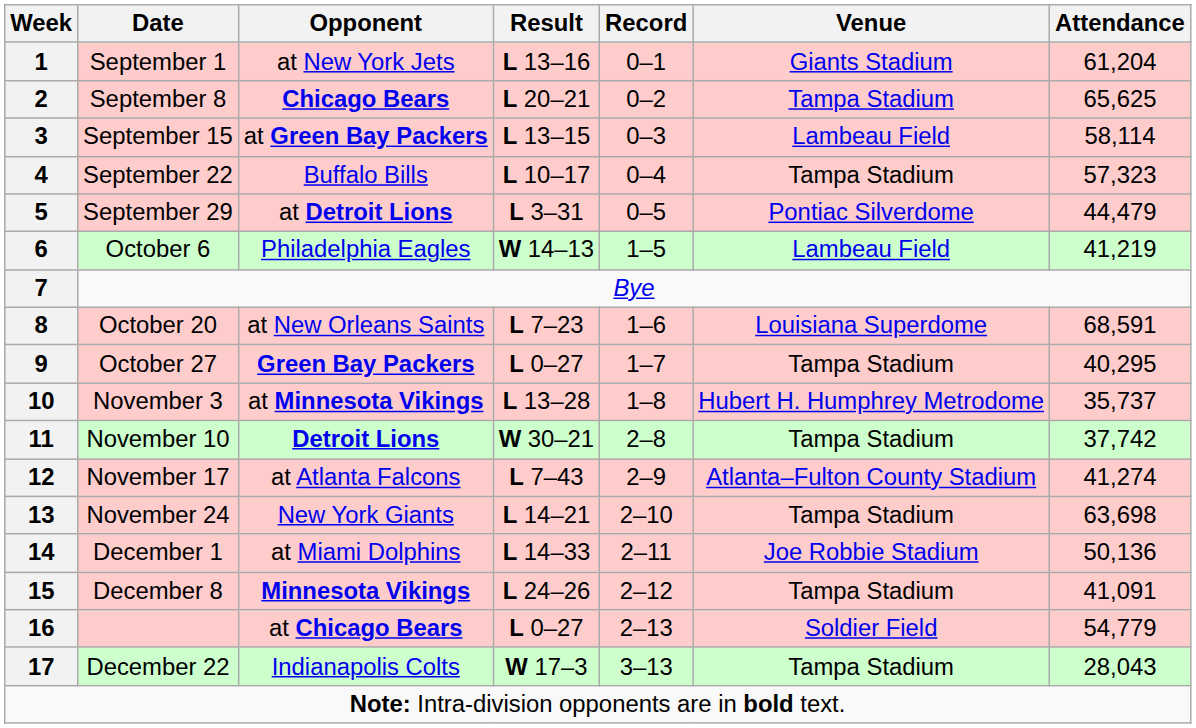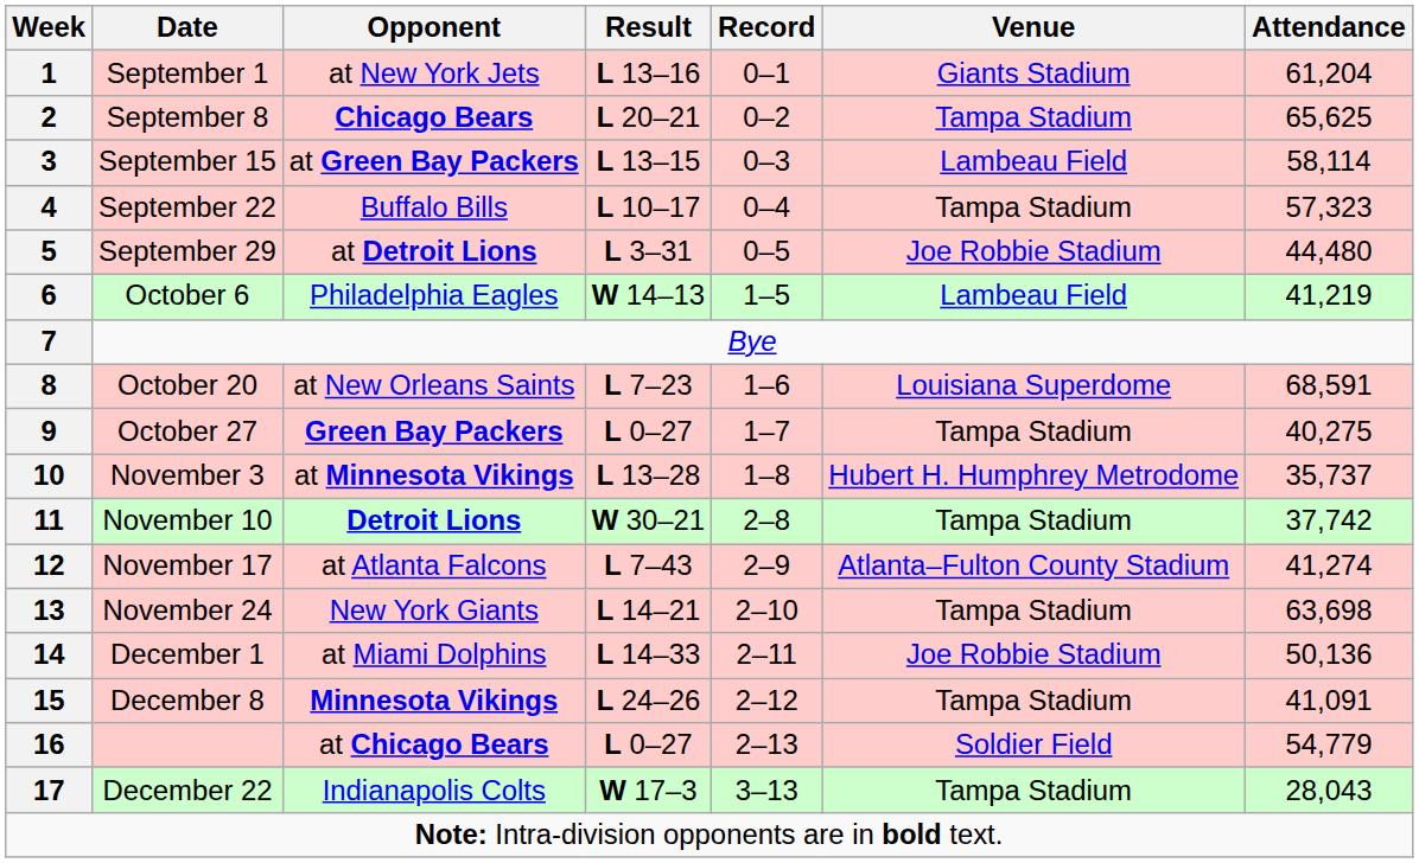 <table class="wikitable" style="text-align:center">
 <tr>
 <th>Week</th>
 <th>Date</th>
 <th>Opponent</th>
 <th>Result</th>
 <th>Record</th>
 <th>Venue</th>
 <th>Attendance</th>
 </tr>
 <tr style="background:#fcc">
 <th>1</th>
 <td>September 1</td>
 <td>at <a href='#'>New York Jets</a></td>
 <td><strong>L</strong> 13–16</td>
 <td>0–1</td>
 <td><a href='#'>Giants Stadium</a></td>
 <td>61,204</td>
 </tr>
 <tr style="background:#fcc">
 <th>2</th>
 <td>September 8</td>
 <td><strong><a href='#'>Chicago Bears</a></strong></td>
 <td><strong>L</strong> 20–21</td>
 <td>0–2</td>
 <td><a href='#'>Tampa Stadium</a></td>
 <td>65,625</td>
 </tr>
 <tr style="background:#fcc">
 <th>3</th>
 <td>September 15</td>
 <td>at <strong><a href='#'>Green Bay Packers</a></strong></td>
 <td><strong>L</strong> 13–15</td>
 <td>0–3</td>
 <td><a href='#'>Lambeau Field</a></td>
 <td>58,114</td>
 </tr>
 <tr style="background:#fcc">
 <th>4</th>
 <td>September 22</td>
 <td><a href='#'>Buffalo Bills</a></td>
 <td><strong>L</strong> 10–17</td>
 <td>0–4</td>
 <td>Tampa Stadium</td>
 <td>57,323</td>
 </tr>
 <tr style="background:#fcc">
 <th>5</th>
 <td>September 29</td>
 <td>at <strong><a href='#'>Detroit Lions</a></strong></td>
 <td><strong>L</strong> 3–31</td>
 <td>0–5</td>
-<td><a href='#'>Pontiac Silverdome</a></td>
-<td>44,479</td>
+<td><a href='#'>Joe Robbie Stadium</a></td>
+<td>44,480</td>
 </tr>
 <tr style="background:#cfc">
 <th>6</th>
 <td>October 6</td>
 <td><a href='#'>Philadelphia Eagles</a></td>
 <td><strong>W</strong> 14–13</td>
 <td>1–5</td>
 <td><a href='#'>Lambeau Field</a></td>
 <td>41,219</td>
 </tr>
 <tr align="center">
 <th>7</th>
 <td colspan="6"><em><a href='#'>Bye</a></em></td>
 </tr>
 <tr style="background:#fcc">
 <th>8</th>
 <td>October 20</td>
 <td>at <a href='#'>New Orleans Saints</a></td>
 <td><strong>L</strong> 7–23</td>
 <td>1–6</td>
 <td><a href='#'>Louisiana Superdome</a></td>
 <td>68,591</td>
 </tr>
 <tr style="background:#fcc">
 <th>9</th>
 <td>October 27</td>
 <td><strong><a href='#'>Green Bay Packers</a></strong></td>
 <td><strong>L</strong> 0–27</td>
 <td>1–7</td>
 <td>Tampa Stadium</td>
-<td>40,295</td>
+<td>40,275</td>
 </tr>
 <tr style="background:#fcc">
 <th>10</th>
 <td>November 3</td>
 <td>at <strong><a href='#'>Minnesota Vikings</a></strong></td>
 <td><strong>L</strong> 13–28</td>
 <td>1–8</td>
 <td><a href='#'>Hubert H. Humphrey Metrodome</a></td>
 <td>35,737</td>
 </tr>
 <tr style="background:#cfc">
 <th>11</th>
 <td>November 10</td>
 <td><strong><a href='#'>Detroit Lions</a></strong></td>
 <td><strong>W</strong> 30–21</td>
 <td>2–8</td>
 <td>Tampa Stadium</td>
 <td>37,742</td>
 </tr>
 <tr style="background:#fcc">
 <th>12</th>
 <td>November 17</td>
 <td>at <a href='#'>Atlanta Falcons</a></td>
 <td><strong>L</strong> 7–43</td>
 <td>2–9</td>
 <td><a href='#'>Atlanta–Fulton County Stadium</a></td>
 <td>41,274</td>
 </tr>
 <tr style="background:#fcc">
 <th>13</th>
 <td>November 24</td>
 <td><a href='#'>New York Giants</a></td>
 <td><strong>L</strong> 14–21</td>
 <td>2–10</td>
 <td>Tampa Stadium</td>
 <td>63,698</td>
 </tr>
 <tr style="background:#fcc">
 <th>14</th>
 <td>December 1</td>
 <td>at <a href='#'>Miami Dolphins</a></td>
 <td><strong>L</strong> 14–33</td>
 <td>2–11</td>
 <td><a href='#'>Joe Robbie Stadium</a></td>
 <td>50,136</td>
 </tr>
 <tr style="background:#fcc">
 <th>15</th>
 <td>December 8</td>
 <td><strong><a href='#'>Minnesota Vikings</a></strong></td>
 <td><strong>L</strong> 24–26</td>
 <td>2–12</td>
 <td>Tampa Stadium</td>
 <td>41,091</td>
 </tr>
 <tr style="background:#fcc">
 <th>16</th>
 <td></td>
 <td>at <strong><a href='#'>Chicago Bears</a></strong></td>
 <td><strong>L</strong> 0–27</td>
 <td>2–13</td>
 <td><a href='#'>Soldier Field</a></td>
 <td>54,779</td>
 </tr>
 <tr style="background:#cfc">
 <th>17</th>
 <td>December 22</td>
 <td><a href='#'>Indianapolis Colts</a></td>
 <td><strong>W</strong> 17–3</td>
 <td>3–13</td>
 <td>Tampa Stadium</td>
 <td>28,043</td>
 </tr>
 <tr>
 <td colspan="8"><strong>Note:</strong> Intra-division opponents are in <strong>bold</strong> text.</td>
 </tr>
 </table>
